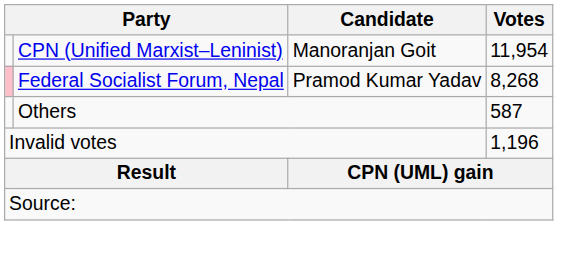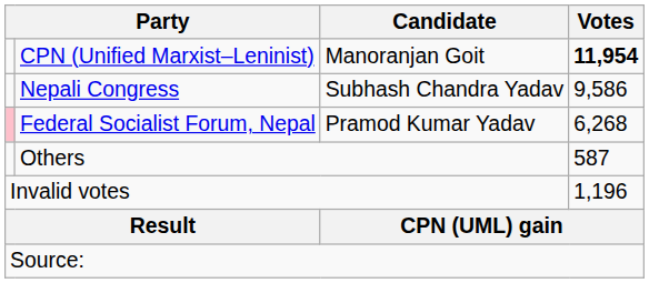 <table class="wikitable">
 <tr>
 <th colspan="2">Party</th>
 <th>Candidate</th>
 <th>Votes</th>
 </tr>
 <tr>
 <td style="background-color:"></td>
 <td><a href='#'>CPN (Unified Marxist–Leninist)</a></td>
 <td>Manoranjan Goit</td>
-<td>11,954</td>
+<td><strong>11,954</strong></td>
+</tr>
+<tr>
+<td style="background-color:"></td>
+<td><a href='#'>Nepali Congress</a></td>
+<td>Subhash Chandra Yadav</td>
+<td>9,586</td>
 </tr>
 <tr>
 <td style="background-color:pink"></td>
 <td><a href='#'>Federal Socialist Forum, Nepal</a></td>
 <td>Pramod Kumar Yadav</td>
-<td>8,268</td>
+<td>6,268</td>
 </tr>
 <tr>
 <td></td>
 <td colspan="2">Others</td>
 <td>587</td>
 </tr>
 <tr>
 <td colspan="3">Invalid votes</td>
 <td>1,196</td>
 </tr>
 <tr>
 <th colspan="2">Result</th>
 <th colspan="2">CPN (UML) gain</th>
 </tr>
 <tr>
 <td colspan="4">Source: </td>
 </tr>
 </table>
